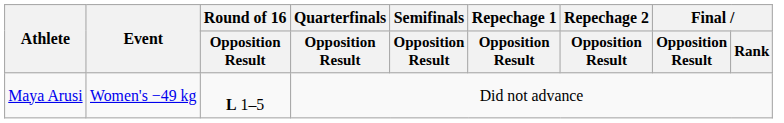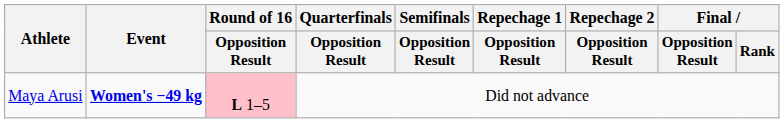 <table class="wikitable" style="font-size:90%;">
 <tr>
 <th rowspan=2>Athlete</th>
 <th rowspan=2>Event</th>
 <th>Round of 16</th>
 <th>Quarterfinals</th>
 <th>Semifinals</th>
 <th>Repechage 1</th>
 <th>Repechage 2</th>
 <th colspan=2>Final / </th>
 </tr>
 <tr style="font-size:95%">
 <th>Opposition<br>Result</th>
 <th>Opposition<br>Result</th>
 <th>Opposition<br>Result</th>
 <th>Opposition<br>Result</th>
 <th>Opposition<br>Result</th>
 <th>Opposition<br>Result</th>
 <th>Rank</th>
 </tr>
 <tr align=center>
 <td align=left><a href='#'>Maya Arusi</a></td>
-<td align=left><a href='#'>Women's −49 kg</a></td>
-<td><br><strong>L</strong> 1–5</td>
+<td align=left><strong><a href='#'>Women's −49 kg</a></strong></td>
+<td style="background: pink;"><br><strong>L</strong> 1–5</td>
 <td colspan=6>Did not advance</td>
 </tr>
 </table>
